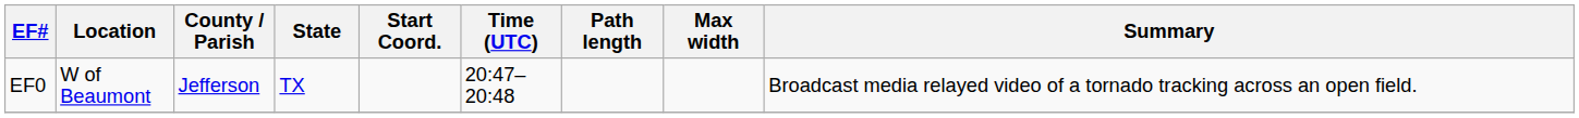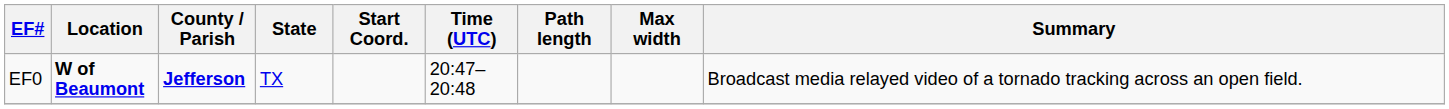 <table class="wikitable sortable" style="width:100%;">
 <tr>
 <th scope="col" style="width:3%; text-align:center;"><a href='#'>EF#</a></th>
 <th scope="col" style="width:7%; text-align:center;" class="unsortable">Location</th>
 <th scope="col" style="width:6%; text-align:center;" class="unsortable">County / Parish</th>
 <th scope="col" style="width:5%; text-align:center;">State</th>
 <th scope="col" style="width:6%; text-align:center;">Start Coord.</th>
 <th scope="col" style="width:6%; text-align:center;">Time (<a href='#'>UTC</a>)</th>
 <th scope="col" style="width:6%; text-align:center;">Path length</th>
 <th scope="col" style="width:6%; text-align:center;">Max width</th>
 <th scope="col" class="unsortable" style="width:48%; text-align:center;">Summary</th>
 </tr>
 <tr>
 <td>EF0</td>
-<td>W of <a href='#'>Beaumont</a></td>
-<td><a href='#'>Jefferson</a></td>
+<td><strong>W of <a href='#'>Beaumont</a></strong></td>
+<td><strong><a href='#'>Jefferson</a></strong></td>
 <td><a href='#'>TX</a></td>
 <td></td>
 <td>20:47–20:48</td>
 <td></td>
 <td></td>
 <td>Broadcast media relayed video of a tornado tracking across an open field.</td>
 </tr>
 <tr>
 </tr>
 </table>
